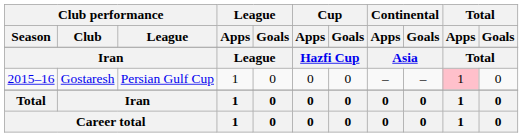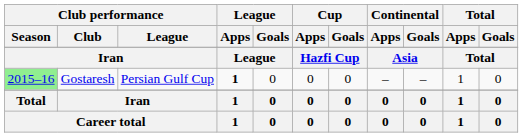 <table class="wikitable" style="text-align:center">
 <tr>
 <th colspan=3>Club performance</th>
 <th colspan=2>League</th>
 <th colspan=2>Cup</th>
 <th colspan=2>Continental</th>
 <th colspan=2>Total</th>
 </tr>
 <tr>
 <th>Season</th>
 <th>Club</th>
 <th>League</th>
 <th>Apps</th>
 <th>Goals</th>
 <th>Apps</th>
 <th>Goals</th>
 <th>Apps</th>
 <th>Goals</th>
 <th>Apps</th>
 <th>Goals</th>
 </tr>
 <tr>
 </tr>
 <tr>
 <th colspan=3>Iran</th>
 <th colspan=2>League</th>
 <th colspan=2><a href='#'>Hazfi Cup</a></th>
 <th colspan=2><a href='#'>Asia</a></th>
 <th colspan=2>Total</th>
 </tr>
 <tr>
-<td><a href='#'>2015–16</a></td>
+<td style="background: lightgreen;"><a href='#'>2015–16</a></td>
 <td rowspan="1"><a href='#'>Gostaresh</a></td>
 <td rowspan="1"><a href='#'>Persian Gulf Cup</a></td>
-<td>1</td>
+<td><strong>1</strong></td>
 <td>0</td>
 <td>0</td>
 <td>0</td>
 <td>–</td>
 <td>–</td>
-<td style="background: pink;">1</td>
+<td>1</td>
 <td>0</td>
 </tr>
 <tr>
 </tr>
 <tr>
 <th rowspan=1>Total</th>
 <th colspan=2>Iran</th>
 <th>1</th>
 <th>0</th>
 <th>0</th>
 <th>0</th>
 <th>0</th>
 <th>0</th>
 <th>1</th>
 <th>0</th>
 </tr>
 <tr>
 <th colspan=3>Career total</th>
 <th>1</th>
 <th>0</th>
 <th>0</th>
 <th>0</th>
 <th>0</th>
 <th>0</th>
 <th>1</th>
 <th>0</th>
 </tr>
 </table>
